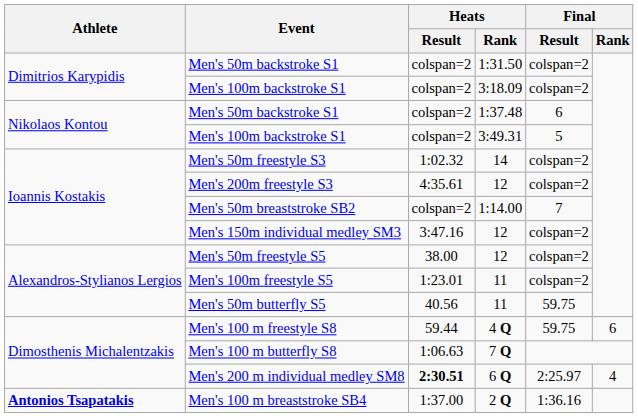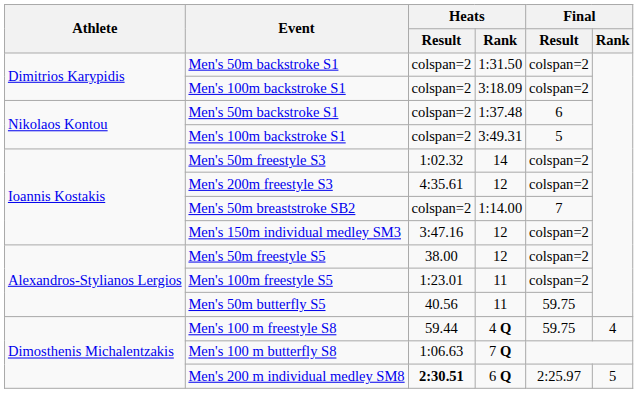 <table class=wikitable style="font-size:90%">
 <tr>
 <th rowspan="2">Athlete</th>
 <th rowspan="2">Event</th>
 <th colspan="2">Heats</th>
 <th colspan="2">Final</th>
 </tr>
 <tr>
 <th>Result</th>
 <th>Rank</th>
 <th>Result</th>
 <th>Rank</th>
 </tr>
 <tr align=center>
 <td align=left rowspan=2><a href='#'>Dimitrios Karypidis</a></td>
 <td align=left><a href='#'>Men's 50m backstroke S1</a></td>
 <td>colspan=2 </td>
 <td>1:31.50</td>
 <td>colspan=2 </td>
 </tr>
 <tr align=center>
 <td align=left><a href='#'>Men's 100m backstroke S1</a></td>
 <td>colspan=2 </td>
 <td>3:18.09</td>
 <td>colspan=2 </td>
 </tr>
 <tr align=center>
 <td align=left rowspan=2><a href='#'>Nikolaos Kontou</a></td>
 <td align=left><a href='#'>Men's 50m backstroke S1</a></td>
 <td>colspan=2 </td>
 <td>1:37.48</td>
 <td>6</td>
 </tr>
 <tr align=center>
 <td align=left><a href='#'>Men's 100m backstroke S1</a></td>
 <td>colspan=2 </td>
 <td>3:49.31</td>
 <td>5</td>
 </tr>
 <tr align=center>
 <td align=left rowspan=4><a href='#'>Ioannis Kostakis</a></td>
 <td align=left><a href='#'>Men's 50m freestyle S3</a></td>
 <td>1:02.32</td>
 <td>14</td>
 <td>colspan=2 </td>
 </tr>
 <tr align=center>
 <td align=left><a href='#'>Men's 200m freestyle S3</a></td>
 <td>4:35.61</td>
 <td>12</td>
 <td>colspan=2 </td>
 </tr>
 <tr align=center>
 <td align=left><a href='#'>Men's 50m breaststroke SB2</a></td>
 <td>colspan=2 </td>
 <td>1:14.00</td>
 <td>7</td>
 </tr>
 <tr align=center>
 <td align=left><a href='#'>Men's 150m individual medley SM3</a></td>
 <td>3:47.16</td>
 <td>12</td>
 <td>colspan=2 </td>
 </tr>
 <tr align=center>
 <td align=left rowspan=3><a href='#'>Alexandros-Stylianos Lergios</a></td>
 <td align=left><a href='#'>Men's 50m freestyle S5</a></td>
 <td>38.00</td>
 <td>12</td>
 <td>colspan=2 </td>
 </tr>
 <tr align=center>
 <td align=left><a href='#'>Men's 100m freestyle S5</a></td>
 <td>1:23.01</td>
 <td>11</td>
 <td>colspan=2 </td>
 </tr>
 <tr align=center>
 <td align=left><a href='#'>Men's 50m butterfly S5</a></td>
 <td>40.56</td>
 <td>11</td>
 <td>59.75</td>
 </tr>
 <tr align=center>
 <td align=left rowspan=3><a href='#'>Dimosthenis Michalentzakis</a></td>
 <td align=left><a href='#'>Men's 100 m freestyle S8</a></td>
 <td>59.44</td>
 <td>4 <strong>Q</strong></td>
 <td>59.75</td>
-<td>6</td>
+<td>4</td>
 </tr>
 <tr align=center>
 <td align=left><a href='#'>Men's 100 m butterfly S8</a></td>
 <td>1:06.63</td>
 <td>7 <strong>Q</strong></td>
 <td colspan=2></td>
 </tr>
 <tr align=center>
 <td align=left><a href='#'>Men's 200 m individual medley SM8</a></td>
 <td><strong>2:30.51</strong></td>
 <td>6 <strong>Q</strong></td>
 <td>2:25.97</td>
-<td>4</td>
-</tr>
-<tr align=center>
-<td align=left><strong><a href='#'>Antonios Tsapatakis</a></strong></td>
-<td align=left><a href='#'>Men's 100 m breaststroke SB4</a></td>
-<td>1:37.00</td>
-<td>2 <strong>Q</strong></td>
-<td>1:36.16</td>
-<td></td>
+<td>5</td>
 </tr>
 </table>
